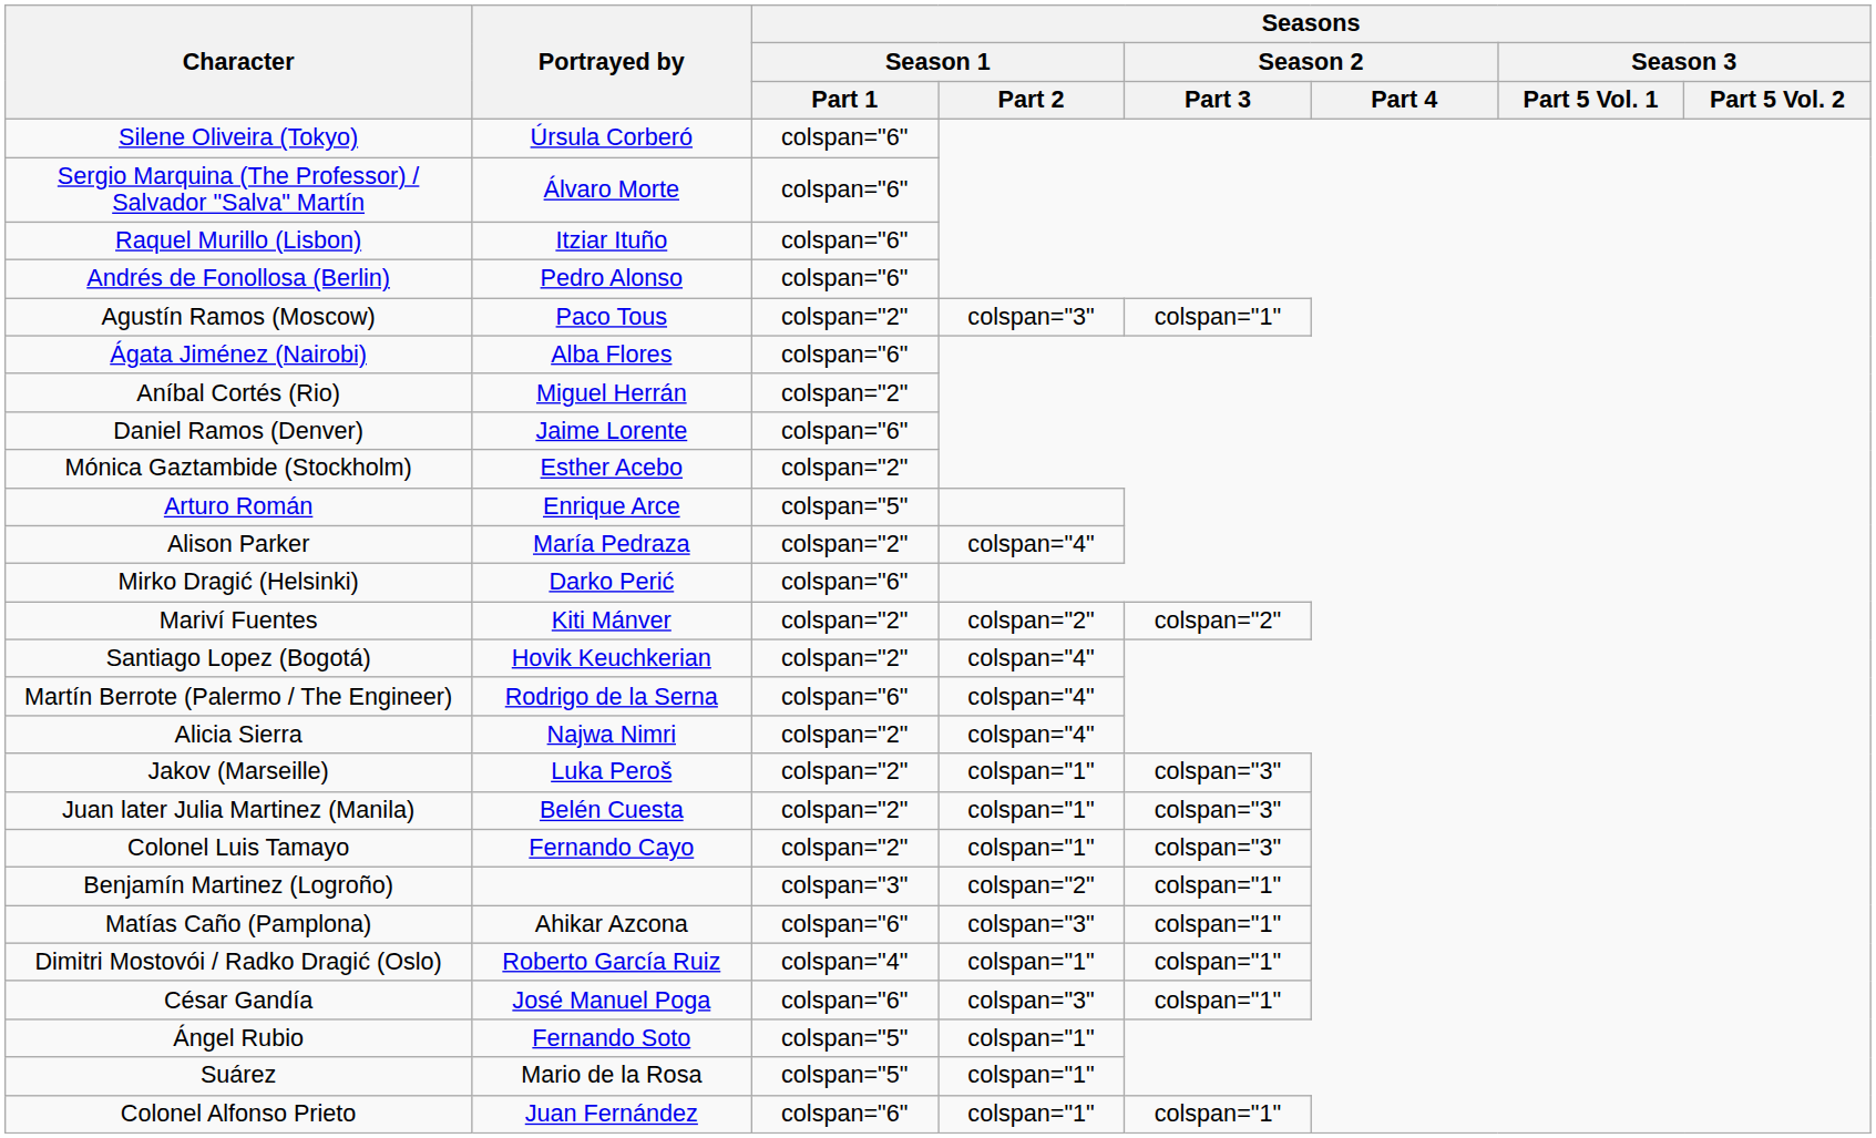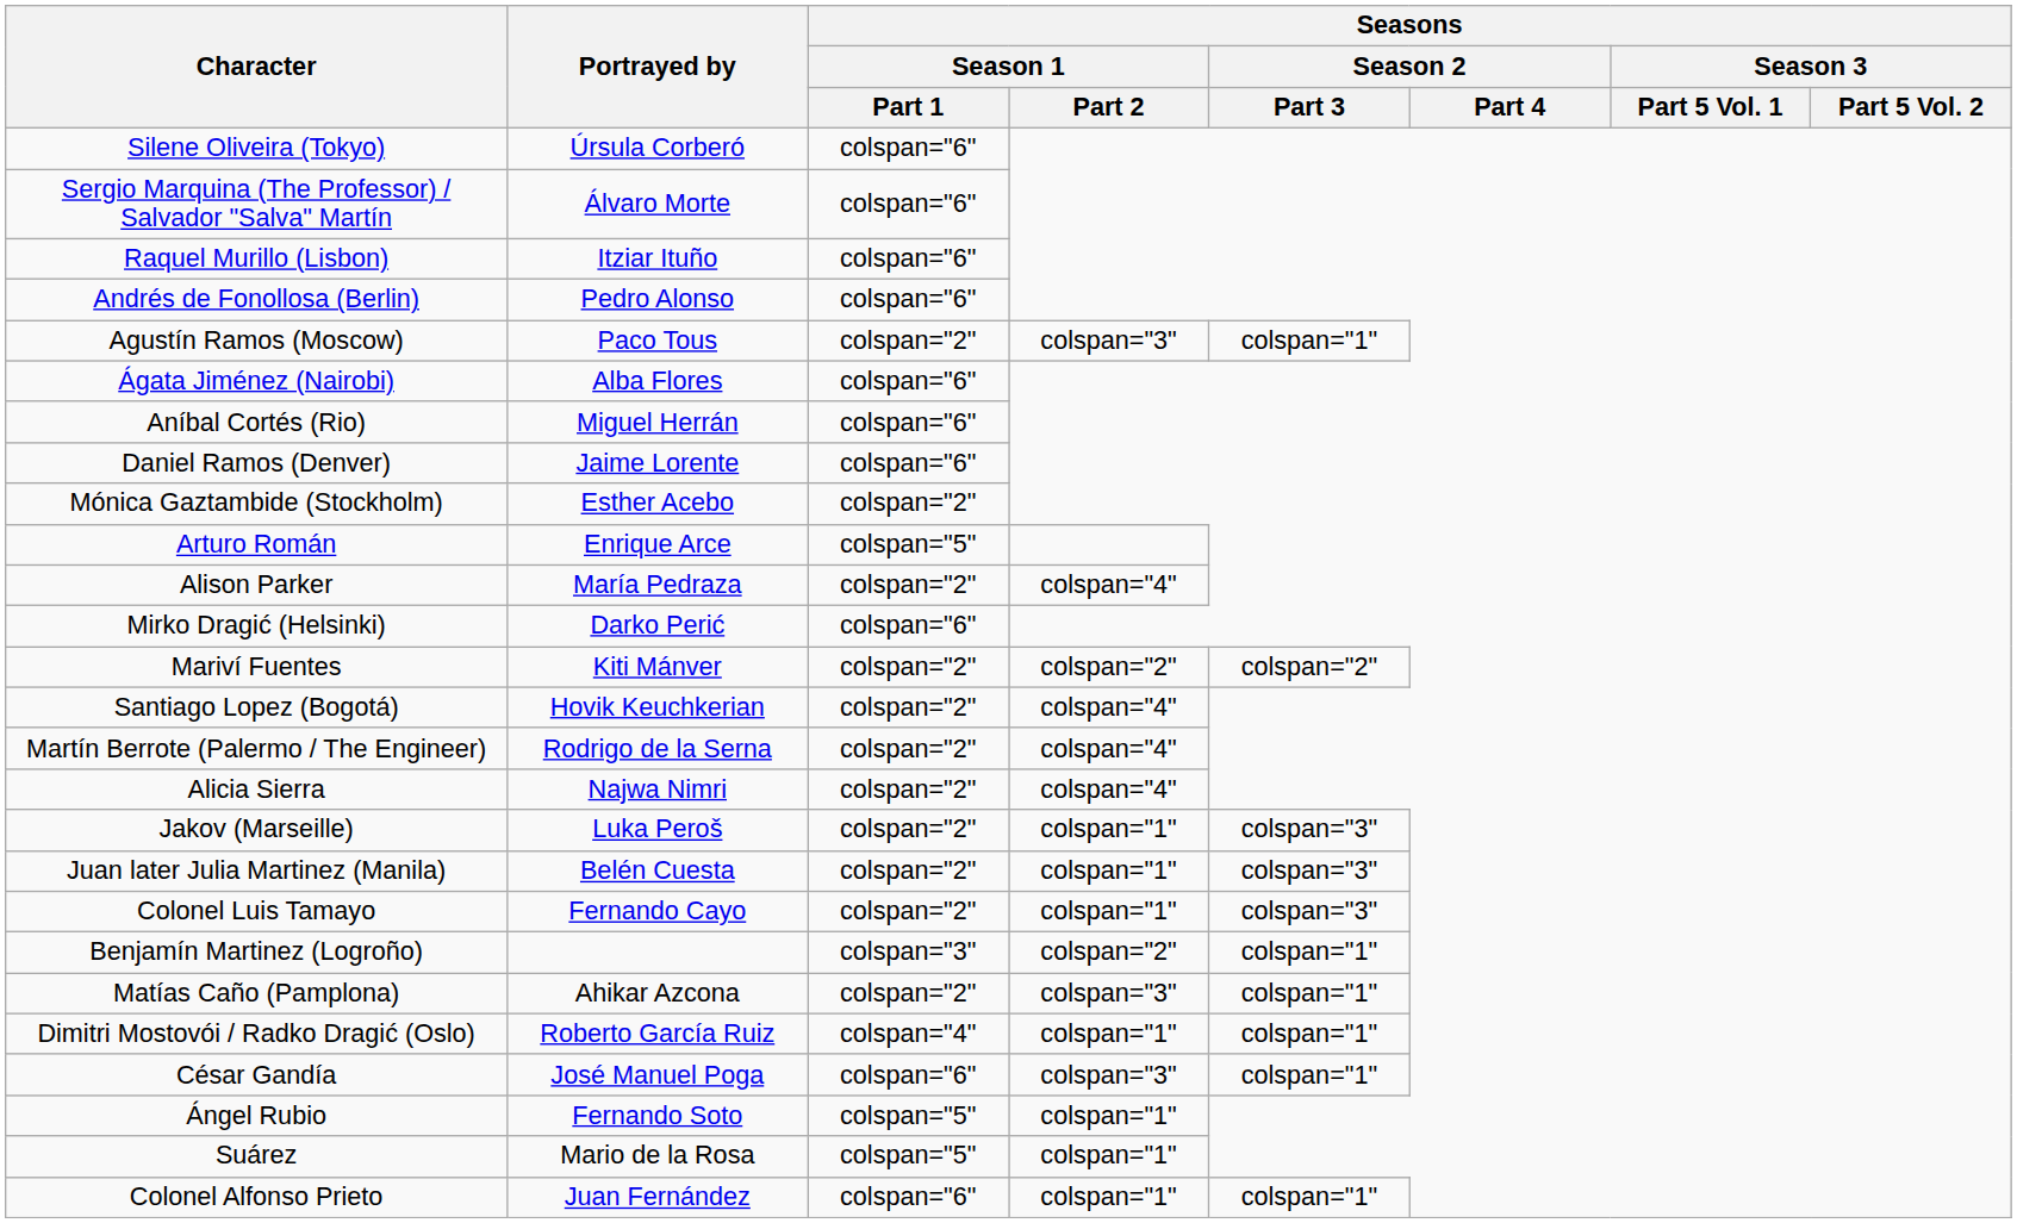 <table class="wikitable plainrowheaders" style="text-align:center;">
 <tr>
 <th scope="col" rowspan="3" style="width:25%;">Character</th>
 <th scope="col" rowspan="3" style="width:15%;">Portrayed by</th>
 <th scope="col" colspan="6" style="width:60%;">Seasons</th>
 </tr>
 <tr>
 <th scope="col" colspan="2" style="width:60%;">Season 1</th>
 <th scope="col" colspan="2" style="width:60%;">Season 2</th>
 <th scope="col" colspan="2" style="width:60%;">Season 3</th>
 </tr>
 <tr>
 <th scope="col" style="width:10%;">Part 1</th>
 <th scope="col" style="width:10%;">Part 2</th>
 <th scope="col" style="width:10%;">Part 3</th>
 <th scope="col" style="width:10%;">Part 4</th>
 <th scope="col" style="width:10%;">Part 5 Vol. 1</th>
 <th scope="col" style="width:10%;">Part 5 Vol. 2</th>
 </tr>
 <tr>
 <td scope="row"><a href='#'>Silene Oliveira (Tokyo)</a></td>
 <td><a href='#'>Úrsula Corberó</a></td>
 <td>colspan="6" </td>
 </tr>
 <tr>
 <td scope="row"><a href='#'>Sergio Marquina (The Professor) / Salvador "Salva" Martín</a></td>
 <td><a href='#'>Álvaro Morte</a></td>
 <td>colspan="6" </td>
 </tr>
 <tr>
 <td scope="row"><a href='#'>Raquel Murillo (Lisbon)</a></td>
 <td><a href='#'>Itziar Ituño</a></td>
 <td>colspan="6" </td>
 </tr>
 <tr>
 <td scope="row"><a href='#'>Andrés de Fonollosa (Berlin)</a></td>
 <td><a href='#'>Pedro Alonso</a></td>
 <td>colspan="6" </td>
 </tr>
 <tr>
 <td scope="row">Agustín Ramos (Moscow)</td>
 <td><a href='#'>Paco Tous</a></td>
 <td>colspan="2" </td>
 <td>colspan="3" </td>
 <td>colspan="1" </td>
 </tr>
 <tr>
 <td scope="row"><a href='#'>Ágata Jiménez (Nairobi)</a></td>
 <td><a href='#'>Alba Flores</a></td>
 <td>colspan="6" </td>
 </tr>
 <tr>
 <td scope="row">Aníbal Cortés (Rio)</td>
 <td><a href='#'>Miguel Herrán</a></td>
-<td>colspan="2" </td>
+<td>colspan="6" </td>
 </tr>
 <tr>
 <td scope="row">Daniel Ramos (Denver)</td>
 <td><a href='#'>Jaime Lorente</a></td>
 <td>colspan="6" </td>
 </tr>
 <tr>
 <td scope="row">Mónica Gaztambide (Stockholm)</td>
 <td><a href='#'>Esther Acebo</a></td>
 <td>colspan="2" </td>
 </tr>
 <tr>
 <td scope="row"><a href='#'>Arturo Román</a></td>
 <td><a href='#'>Enrique Arce</a></td>
 <td>colspan="5" </td>
 <td></td>
 </tr>
 <tr>
 <td scope="row">Alison Parker</td>
 <td><a href='#'>María Pedraza</a></td>
 <td>colspan="2" </td>
 <td>colspan="4" </td>
 </tr>
 <tr>
 <td scope="row">Mirko Dragić (Helsinki)</td>
 <td><a href='#'>Darko Perić</a></td>
 <td>colspan="6" </td>
 </tr>
 <tr>
 <td scope="row">Mariví Fuentes</td>
 <td><a href='#'>Kiti Mánver</a></td>
 <td>colspan="2" </td>
 <td>colspan="2" </td>
 <td>colspan="2" </td>
 </tr>
 <tr>
 <td scope="row">Santiago Lopez (Bogotá)</td>
 <td><a href='#'>Hovik Keuchkerian</a></td>
 <td>colspan="2" </td>
 <td>colspan="4" </td>
 </tr>
 <tr>
 <td scope="row">Martín Berrote (Palermo / The Engineer)</td>
 <td><a href='#'>Rodrigo de la Serna</a></td>
-<td>colspan="6" </td>
+<td>colspan="2" </td>
 <td>colspan="4" </td>
 </tr>
 <tr>
 <td scope="row">Alicia Sierra</td>
 <td><a href='#'>Najwa Nimri</a></td>
 <td>colspan="2" </td>
 <td>colspan="4" </td>
 </tr>
 <tr>
 <td scope="row">Jakov (Marseille)</td>
 <td><a href='#'>Luka Peroš</a></td>
 <td>colspan="2" </td>
 <td>colspan="1" </td>
 <td>colspan="3" </td>
 </tr>
 <tr>
 <td scope="row">Juan later Julia Martinez (Manila)</td>
 <td><a href='#'>Belén Cuesta</a></td>
 <td>colspan="2" </td>
 <td>colspan="1" </td>
 <td>colspan="3" </td>
 </tr>
 <tr>
 <td scope="row">Colonel Luis Tamayo</td>
 <td><a href='#'>Fernando Cayo</a></td>
 <td>colspan="2" </td>
 <td>colspan="1" </td>
 <td>colspan="3" </td>
 </tr>
 <tr>
 <td scope="row">Benjamín Martinez (Logroño)</td>
 <td></td>
 <td>colspan="3" </td>
 <td>colspan="2" </td>
 <td>colspan="1" </td>
 </tr>
 <tr>
 <td scope="row">Matías Caño (Pamplona)</td>
 <td>Ahikar Azcona</td>
-<td>colspan="6" </td>
+<td>colspan="2" </td>
 <td>colspan="3" </td>
 <td>colspan="1" </td>
 </tr>
 <tr>
 <td scope="row">Dimitri Mostovói / Radko Dragić (Oslo)</td>
 <td><a href='#'>Roberto García Ruiz</a></td>
 <td>colspan="4" </td>
 <td>colspan="1" </td>
 <td>colspan="1" </td>
 </tr>
 <tr>
 <td scope="row">César Gandía</td>
 <td><a href='#'>José Manuel Poga</a></td>
 <td>colspan="6" </td>
 <td>colspan="3" </td>
 <td>colspan="1" </td>
 </tr>
 <tr>
 <td scope="row">Ángel Rubio</td>
 <td><a href='#'>Fernando Soto</a></td>
 <td>colspan="5" </td>
 <td>colspan="1" </td>
 </tr>
 <tr>
 <td scope="row">Suárez</td>
 <td>Mario de la Rosa</td>
 <td>colspan="5" </td>
 <td>colspan="1" </td>
 </tr>
 <tr>
 <td scope="row">Colonel Alfonso Prieto</td>
 <td><a href='#'>Juan Fernández</a></td>
 <td>colspan="6" </td>
 <td>colspan="1" </td>
 <td>colspan="1" </td>
 </tr>
 </table>
